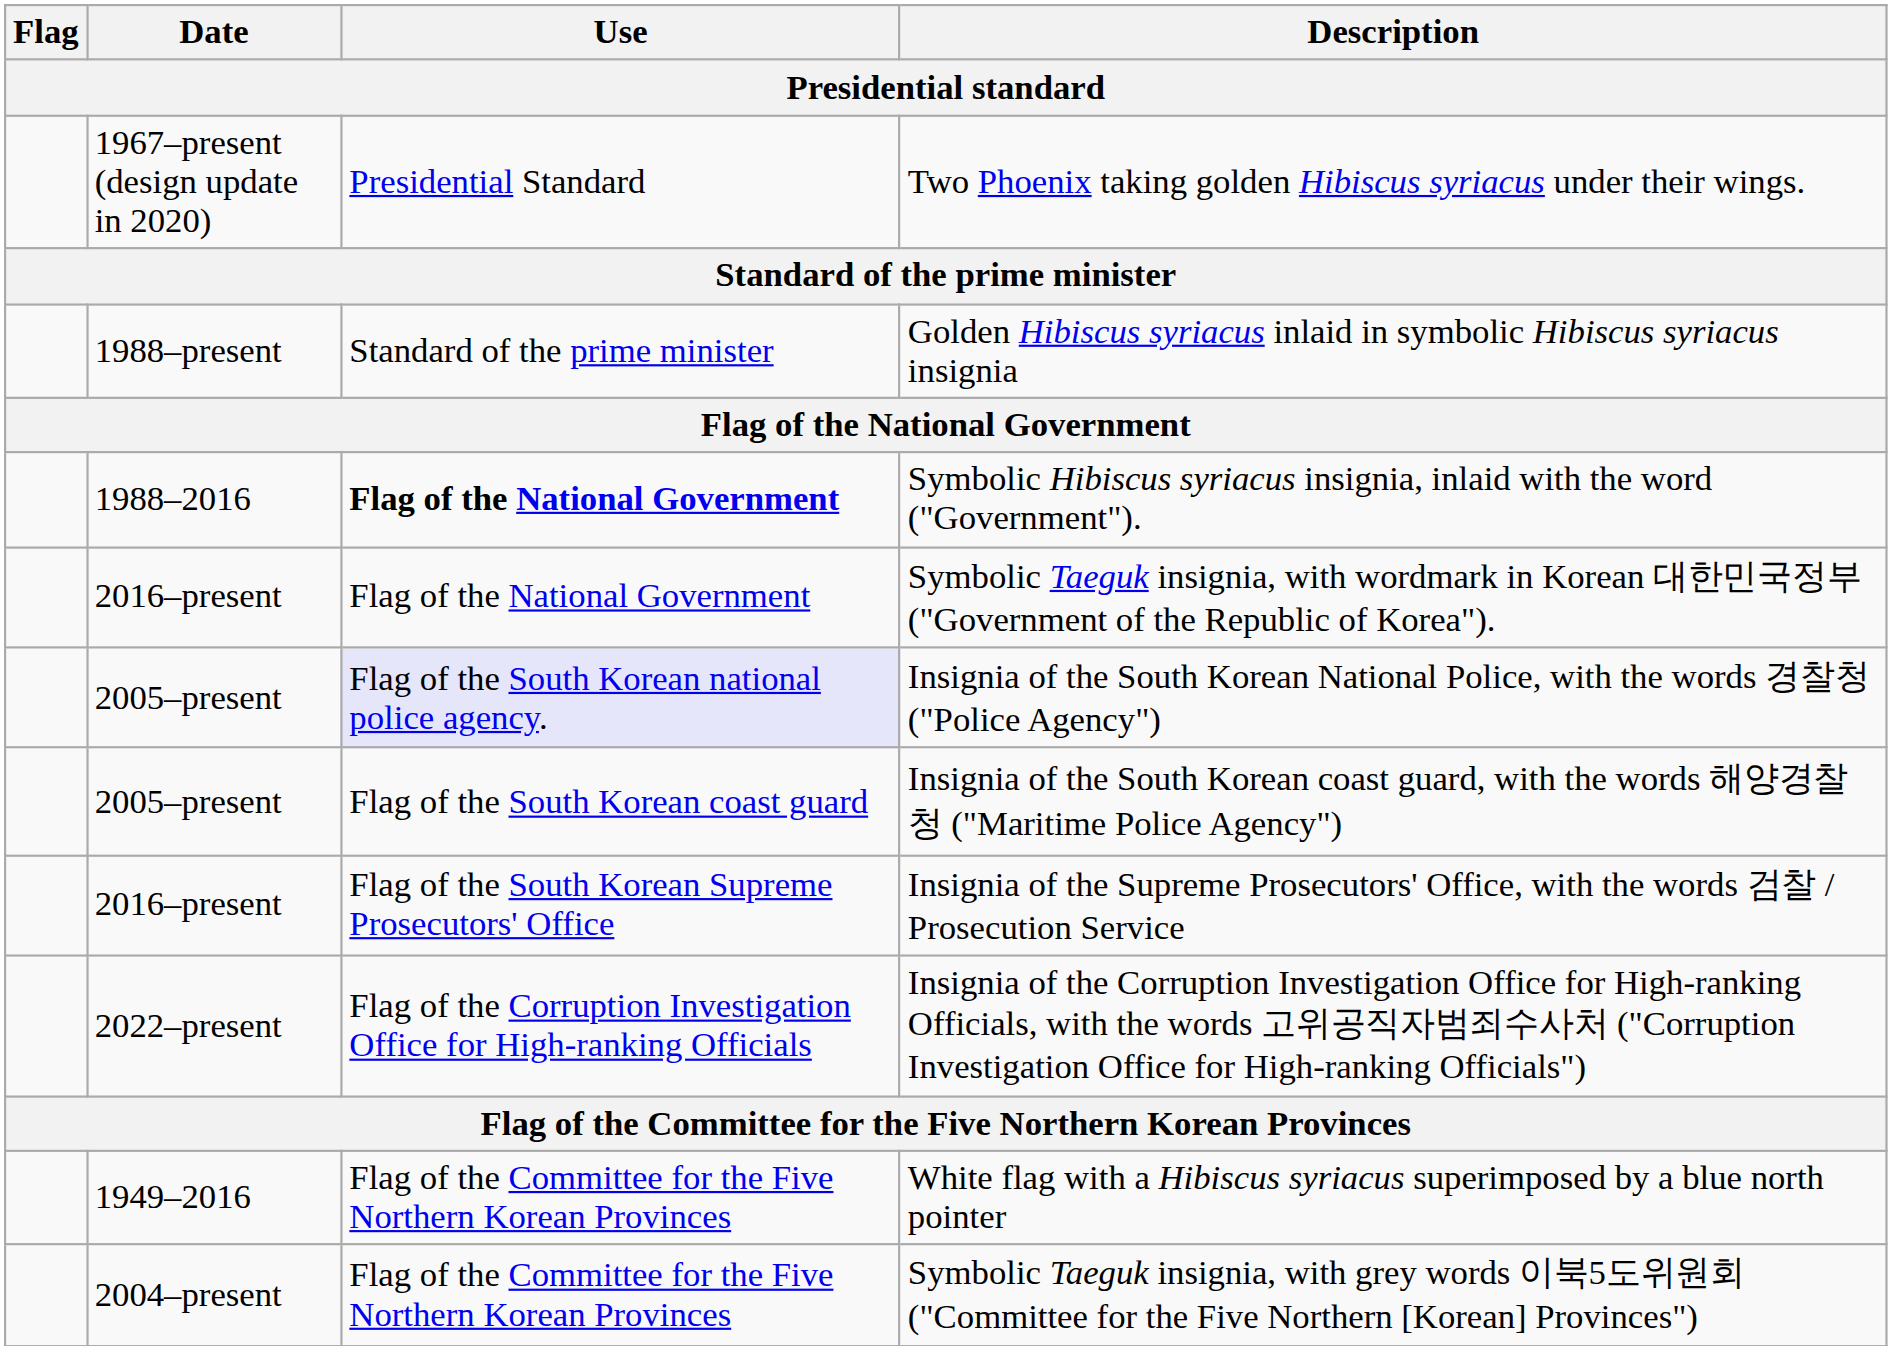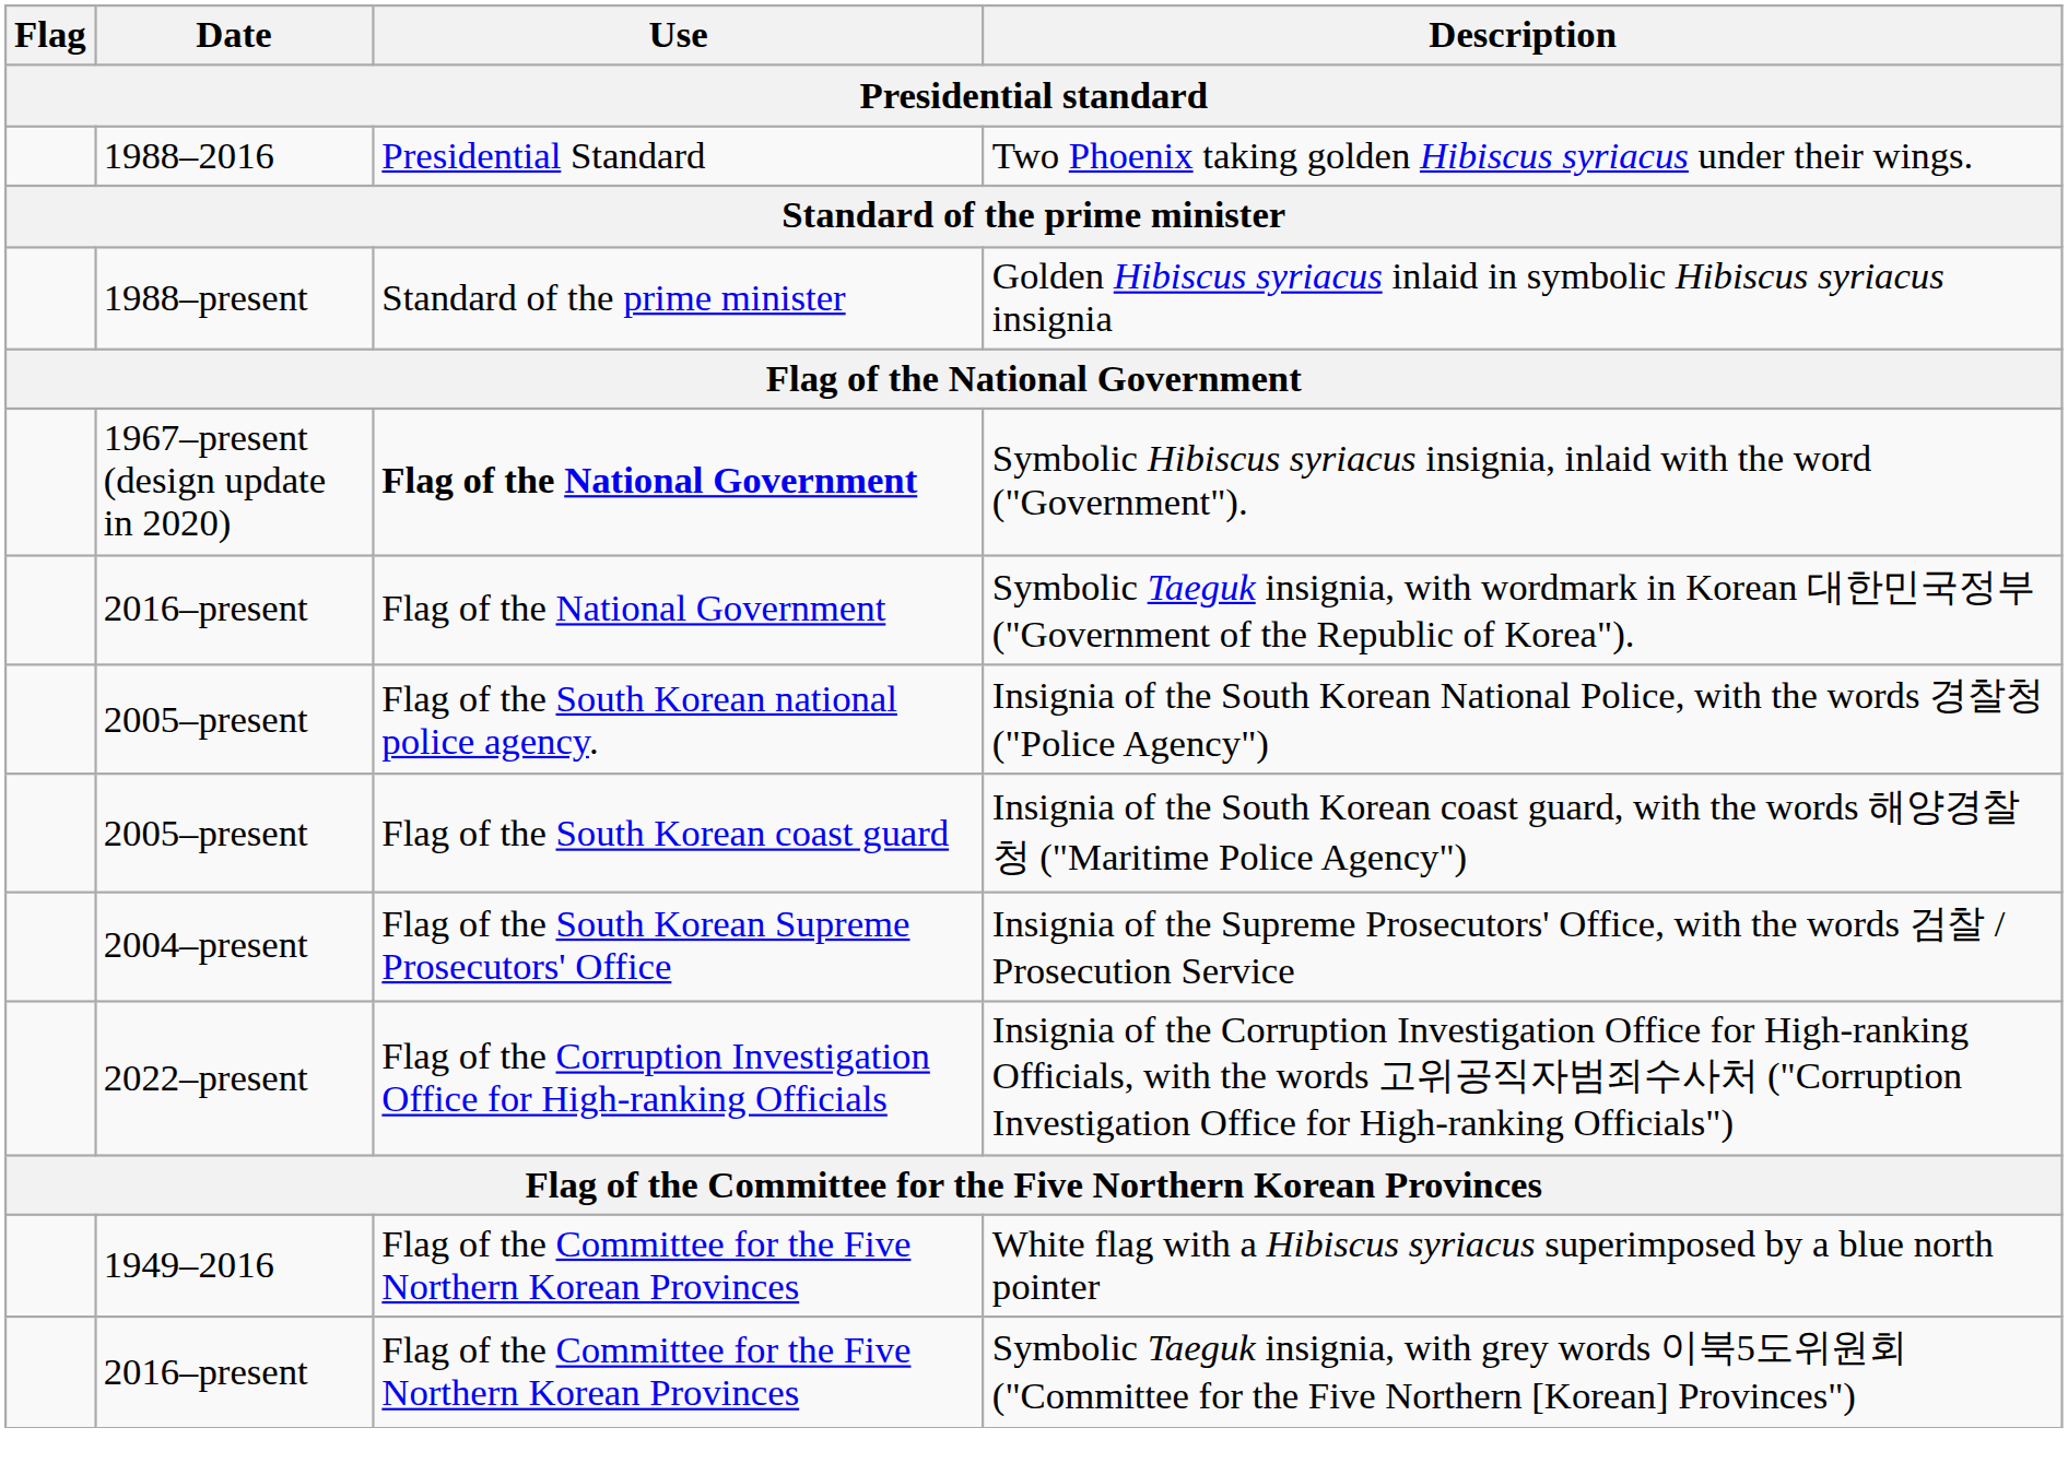 <table class="wikitable">
 <tr>
 <th>Flag</th>
 <th width="110px">Date</th>
 <th style="width:250px">Use</th>
 <th style="min-width:250px">Description</th>
 </tr>
 <tr>
 <th colspan="4">Presidential standard</th>
 </tr>
 <tr>
 <td></td>
-<td>1967–present<br>(design update in 2020)</td>
+<td>1988–2016</td>
 <td><a href='#'>Presidential</a> Standard</td>
 <td>Two <a href='#'>Phoenix</a> taking golden <em><a href='#'>Hibiscus syriacus</a></em> under their wings.</td>
 </tr>
 <tr>
 <th colspan="4">Standard of the prime minister</th>
 </tr>
 <tr>
 <td></td>
 <td>1988–present</td>
 <td>Standard of the <a href='#'>prime minister</a></td>
 <td>Golden <em><a href='#'>Hibiscus syriacus</a></em> inlaid in symbolic <em>Hibiscus syriacus</em> insignia</td>
 </tr>
 <tr>
 <th colspan="4">Flag of the National Government</th>
 </tr>
 <tr>
 <td></td>
-<td>1988–2016</td>
+<td>1967–present<br>(design update in 2020)</td>
 <td><strong>Flag of the <a href='#'>National Government</a></strong></td>
 <td>Symbolic <em>Hibiscus syriacus</em> insignia, inlaid with the word  ("Government").</td>
 </tr>
 <tr>
 <td></td>
 <td>2016–present</td>
 <td>Flag of the <a href='#'>National Government</a></td>
 <td>Symbolic <em><a href='#'>Taeguk</a></em> insignia, with wordmark in Korean 대한민국정부 ("Government of the Republic of Korea").</td>
 </tr>
 <tr>
 <td></td>
 <td>2005–present</td>
-<td style="background: lavender;">Flag of the <a href='#'>South Korean national police agency</a>.</td>
+<td>Flag of the <a href='#'>South Korean national police agency</a>.</td>
 <td>Insignia of the South Korean National Police, with the words 경찰청 ("Police Agency")</td>
 </tr>
 <tr>
 <td></td>
 <td>2005–present</td>
 <td>Flag of the <a href='#'>South Korean coast guard</a></td>
 <td>Insignia of the South Korean coast guard, with the words 해양경찰청 ("Maritime Police Agency")</td>
 </tr>
 <tr>
 <td></td>
-<td>2016–present</td>
+<td>2004–present</td>
 <td>Flag of the <a href='#'>South Korean Supreme Prosecutors' Office</a></td>
 <td>Insignia of the Supreme Prosecutors' Office, with the words 검찰 / Prosecution Service</td>
 </tr>
 <tr>
 <td></td>
 <td>2022–present</td>
 <td>Flag of the <a href='#'>Corruption Investigation Office for High-ranking Officials</a></td>
 <td>Insignia of the Corruption Investigation Office for High-ranking Officials, with the words 고위공직자범죄수사처 ("Corruption Investigation Office for High-ranking Officials")</td>
 </tr>
 <tr>
 <th colspan="4">Flag of the Committee for the Five Northern Korean Provinces</th>
 </tr>
 <tr>
 <td></td>
 <td>1949–2016</td>
 <td>Flag of the <a href='#'>Committee for the Five Northern Korean Provinces</a></td>
 <td>White flag with a <em>Hibiscus syriacus</em> superimposed by a blue north pointer</td>
 </tr>
 <tr>
 <td></td>
-<td>2004–present</td>
+<td>2016–present</td>
 <td>Flag of the <a href='#'>Committee for the Five Northern Korean Provinces</a></td>
 <td>Symbolic <em>Taeguk</em> insignia, with grey words 이북5도위원회 ("Committee for the Five Northern [Korean] Provinces")</td>
 </tr>
 </table>
